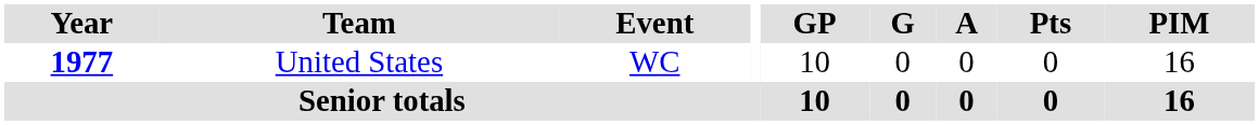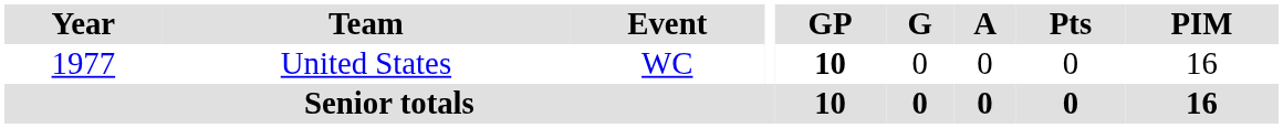 <table border="0" cellpadding="1" cellspacing="0" ID="Table3" style="text-align:center; width:40em">
 <tr bgcolor="#e0e0e0">
 <th>Year</th>
 <th>Team</th>
 <th>Event</th>
 <th rowspan="102" bgcolor="#ffffff"></th>
 <th>GP</th>
 <th>G</th>
 <th>A</th>
 <th>Pts</th>
 <th>PIM</th>
 </tr>
 <tr>
-<td><strong><a href='#'>1977</a></strong></td>
+<td><a href='#'>1977</a></td>
 <td><a href='#'>United States</a></td>
 <td><a href='#'>WC</a></td>
-<td>10</td>
+<td><strong>10</strong></td>
 <td>0</td>
 <td>0</td>
 <td>0</td>
 <td>16</td>
 </tr>
 <tr bgcolor="#e0e0e0">
 <th colspan="4">Senior totals</th>
 <th>10</th>
 <th>0</th>
 <th>0</th>
 <th>0</th>
 <th>16</th>
 </tr>
 </table>
